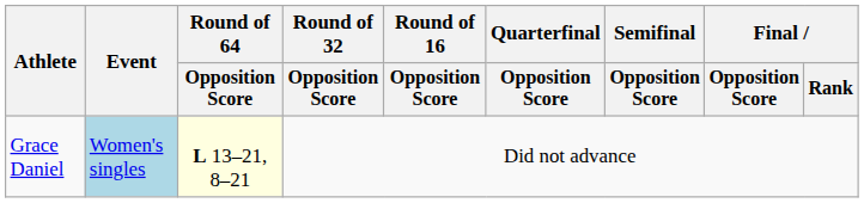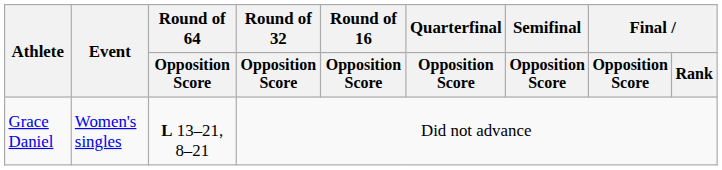 <table class=wikitable style="font-size:90%">
 <tr>
 <th rowspan="2">Athlete</th>
 <th rowspan="2">Event</th>
 <th>Round of 64</th>
 <th>Round of 32</th>
 <th>Round of 16</th>
 <th>Quarterfinal</th>
 <th>Semifinal</th>
 <th colspan=2>Final / </th>
 </tr>
 <tr style="font-size:95%">
 <th>Opposition<br>Score</th>
 <th>Opposition<br>Score</th>
 <th>Opposition<br>Score</th>
 <th>Opposition<br>Score</th>
 <th>Opposition<br>Score</th>
 <th>Opposition<br>Score</th>
 <th>Rank</th>
 </tr>
 <tr align=center>
 <td align=left><a href='#'>Grace Daniel</a></td>
-<td align=left style="background: lightblue;"><a href='#'>Women's singles</a></td>
-<td style="background: lightyellow;"><br><strong>L</strong> 13–21, 8–21</td>
+<td align=left><a href='#'>Women's singles</a></td>
+<td><br><strong>L</strong> 13–21, 8–21</td>
 <td colspan=6>Did not advance</td>
 </tr>
 </table>
